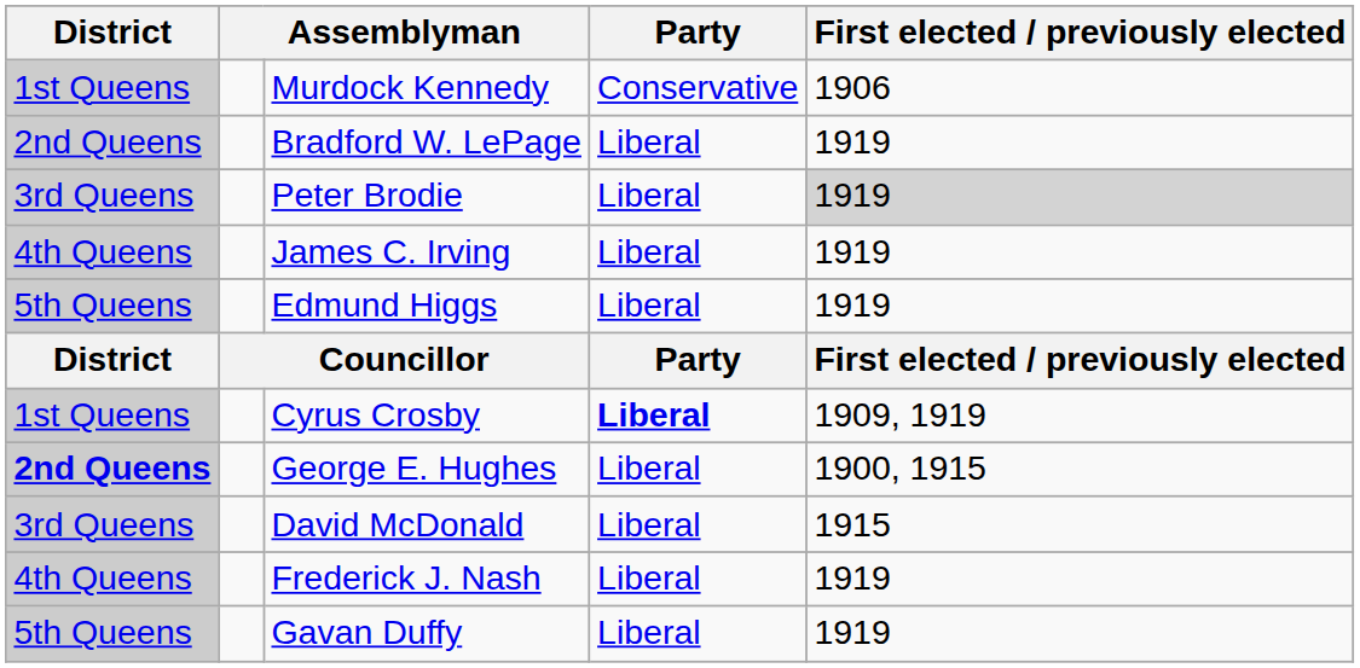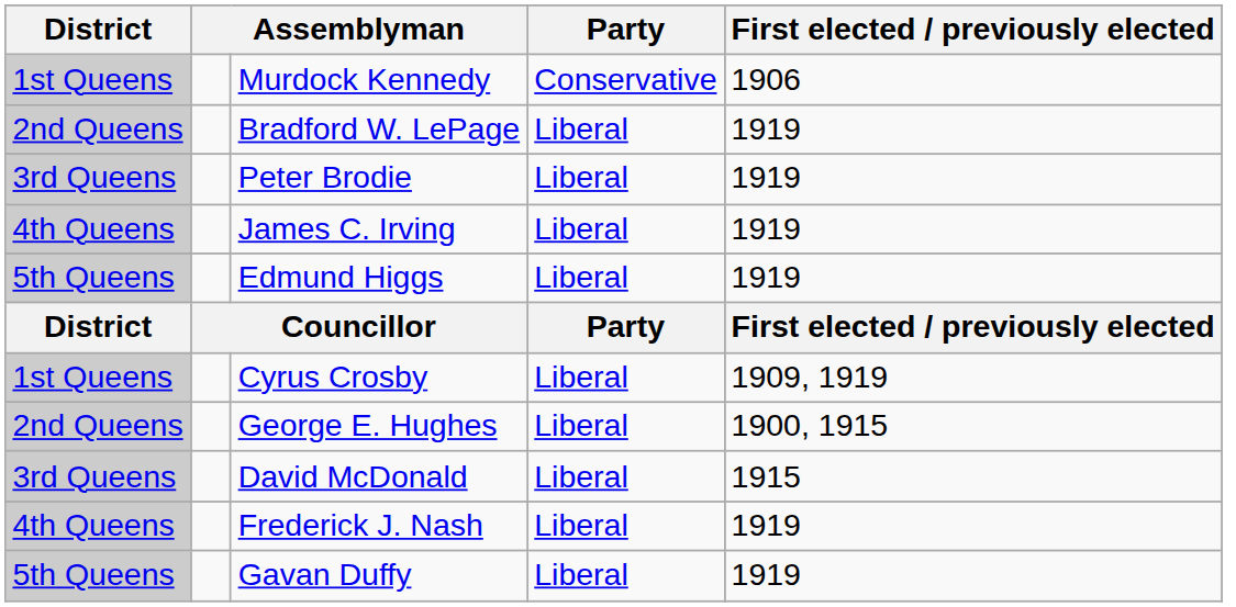 <table class="wikitable sortable">
 <tr>
 <th>District</th>
 <th colspan="2">Assemblyman</th>
 <th>Party</th>
 <th>First elected / previously elected</th>
 </tr>
 <tr>
 <td bgcolor="CCCCCC"><a href='#'>1st Queens</a></td>
 <td>   </td>
 <td><a href='#'>Murdock Kennedy</a></td>
 <td><a href='#'>Conservative</a></td>
 <td>1906</td>
 </tr>
 <tr>
 <td bgcolor="CCCCCC"><a href='#'>2nd Queens</a></td>
 <td>   </td>
 <td><a href='#'>Bradford W. LePage</a></td>
 <td><a href='#'>Liberal</a></td>
 <td>1919</td>
 </tr>
 <tr>
 <td bgcolor="CCCCCC"><a href='#'>3rd Queens</a></td>
 <td>   </td>
 <td><a href='#'>Peter Brodie</a></td>
 <td><a href='#'>Liberal</a></td>
-<td style="background: lightgrey;">1919</td>
+<td>1919</td>
 </tr>
 <tr>
 <td bgcolor="CCCCCC"><a href='#'>4th Queens</a></td>
 <td>   </td>
 <td><a href='#'>James C. Irving</a></td>
 <td><a href='#'>Liberal</a></td>
 <td>1919</td>
 </tr>
 <tr>
 <td bgcolor="CCCCCC"><a href='#'>5th Queens</a></td>
 <td>   </td>
 <td><a href='#'>Edmund Higgs</a></td>
 <td><a href='#'>Liberal</a></td>
 <td>1919</td>
 </tr>
 <tr>
 <th>District</th>
 <th colspan="2">Councillor</th>
 <th>Party</th>
 <th>First elected / previously elected</th>
 </tr>
 <tr>
 <td bgcolor="CCCCCC"><a href='#'>1st Queens</a></td>
 <td>   </td>
 <td><a href='#'>Cyrus Crosby</a></td>
-<td><strong><a href='#'>Liberal</a></strong></td>
+<td><a href='#'>Liberal</a></td>
 <td>1909, 1919</td>
 </tr>
 <tr>
-<td bgcolor="CCCCCC"><strong><a href='#'>2nd Queens</a></strong></td>
+<td bgcolor="CCCCCC"><a href='#'>2nd Queens</a></td>
 <td>   </td>
 <td><a href='#'>George E. Hughes</a></td>
 <td><a href='#'>Liberal</a></td>
 <td>1900, 1915</td>
 </tr>
 <tr>
 <td bgcolor="CCCCCC"><a href='#'>3rd Queens</a></td>
 <td>   </td>
 <td><a href='#'>David McDonald</a></td>
 <td><a href='#'>Liberal</a></td>
 <td>1915</td>
 </tr>
 <tr>
 <td bgcolor="CCCCCC"><a href='#'>4th Queens</a></td>
 <td>   </td>
 <td><a href='#'>Frederick J. Nash</a></td>
 <td><a href='#'>Liberal</a></td>
 <td>1919</td>
 </tr>
 <tr>
 <td bgcolor="CCCCCC"><a href='#'>5th Queens</a></td>
 <td>   </td>
 <td><a href='#'>Gavan Duffy</a></td>
 <td><a href='#'>Liberal</a></td>
 <td>1919</td>
 </tr>
 </table>
